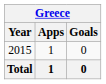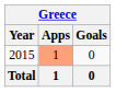 <table class="wikitable" style="text-align:center">
 <tr>
 <th colspan="3"><a href='#'>Greece</a></th>
 </tr>
 <tr>
 <th>Year</th>
 <th>Apps</th>
 <th>Goals</th>
 </tr>
 <tr>
 <td>2015</td>
-<td>1</td>
+<td style="background: lightsalmon;">1</td>
 <td>0</td>
 </tr>
 <tr>
 <th>Total</th>
 <th>1</th>
 <th>0</th>
 </tr>
 </table>
